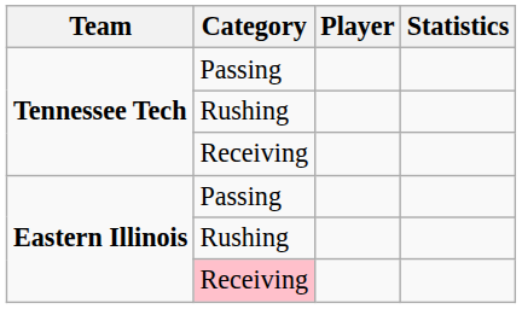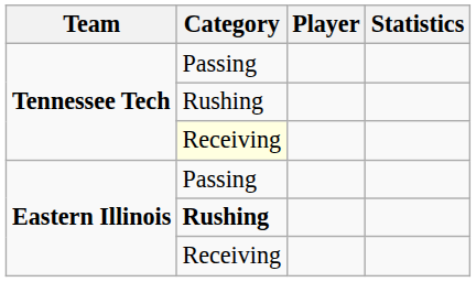 <table class="wikitable" style="float: right;">
 <tr>
 <th>Team</th>
 <th>Category</th>
 <th>Player</th>
 <th>Statistics</th>
 </tr>
 <tr>
 <td rowspan=3><strong>Tennessee Tech</strong></td>
 <td>Passing</td>
 <td></td>
 <td></td>
 </tr>
 <tr>
 <td>Rushing</td>
 <td></td>
 <td></td>
 </tr>
 <tr>
-<td>Receiving</td>
+<td style="background: lightyellow;">Receiving</td>
 <td></td>
 <td></td>
 </tr>
 <tr>
 <td rowspan=3><strong>Eastern Illinois</strong></td>
 <td>Passing</td>
 <td></td>
 <td></td>
 </tr>
 <tr>
-<td>Rushing</td>
+<td><strong>Rushing</strong></td>
 <td></td>
 <td></td>
 </tr>
 <tr>
-<td style="background: pink;">Receiving</td>
+<td>Receiving</td>
 <td></td>
 <td></td>
 </tr>
 </table>
